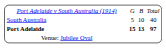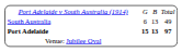 <table style="margin-right:4px; margin-top:8px; margin-left:4px; float:right; border:1px #000 solid; border-radius:8px; background:#fff; font-family:Verdana; font-size:8pt; text-align:center;">
 <tr>
 <td width=200><em><a href='#'>Port Adelaide v South Australia (1914)</a></em></td>
 <td><em>G</em></td>
 <td><em>B</em></td>
 <td><em>Total</em></td>
 </tr>
 <tr>
 <td style="text-align:left"><a href='#'>South Australia</a></td>
-<td>5</td>
-<td>10</td>
-<td>40</td>
+<td>6</td>
+<td>13</td>
+<td>49</td>
 </tr>
 <tr>
 <td style="text-align:left"><strong>Port Adelaide</strong></td>
 <td><strong>15</strong></td>
 <td><strong>13</strong></td>
 <td><strong>97</strong></td>
 </tr>
 <tr>
 <td>Venue: <a href='#'>Jubilee Oval</a></td>
 <td colspan=3></td>
 </tr>
 </table>
